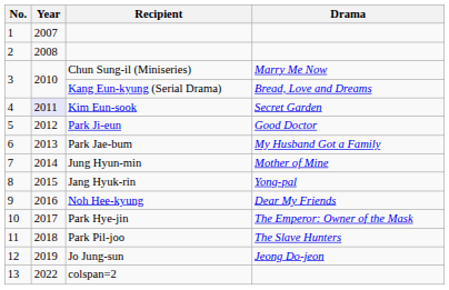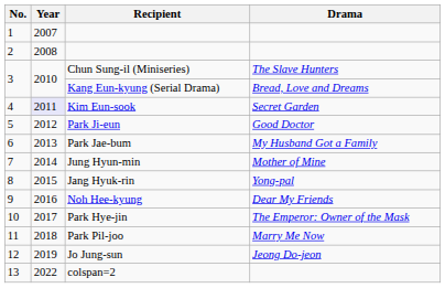 <table class="wikitable" style="width:600px">
 <tr>
 <th>No.</th>
 <th>Year</th>
 <th>Recipient</th>
 <th>Drama</th>
 </tr>
 <tr>
 <td>1</td>
 <td>2007</td>
 <td></td>
 <td></td>
 </tr>
 <tr>
 <td>2</td>
 <td>2008</td>
 <td></td>
 <td></td>
 </tr>
 <tr>
 <td rowspan=2>3</td>
 <td rowspan=2>2010</td>
 <td>Chun Sung-il (Miniseries)</td>
-<td><em><a href='#'>Marry Me Now</a></em></td>
+<td><em><a href='#'>The Slave Hunters</a></em></td>
 </tr>
 <tr>
 <td><a href='#'>Kang Eun-kyung</a> (Serial Drama)</td>
 <td><em><a href='#'>Bread, Love and Dreams</a></em></td>
 </tr>
 <tr>
 <td>4</td>
 <td style="background: lavender;">2011</td>
 <td><a href='#'>Kim Eun-sook</a></td>
 <td><em><a href='#'>Secret Garden</a></em></td>
 </tr>
 <tr>
 <td>5</td>
 <td>2012</td>
 <td><a href='#'>Park Ji-eun</a></td>
 <td><em><a href='#'>Good Doctor</a></em></td>
 </tr>
 <tr>
 <td>6</td>
 <td>2013</td>
 <td>Park Jae-bum</td>
 <td><em><a href='#'>My Husband Got a Family</a></em></td>
 </tr>
 <tr>
 <td>7</td>
 <td>2014</td>
 <td>Jung Hyun-min</td>
 <td><em><a href='#'>Mother of Mine</a></em></td>
 </tr>
 <tr>
 <td>8</td>
 <td>2015</td>
 <td>Jang Hyuk-rin</td>
 <td><em><a href='#'>Yong-pal</a></em></td>
 </tr>
 <tr>
 <td>9</td>
 <td>2016</td>
 <td><a href='#'>Noh Hee-kyung</a></td>
 <td><em><a href='#'>Dear My Friends</a></em></td>
 </tr>
 <tr>
 <td>10</td>
 <td>2017</td>
 <td>Park Hye-jin</td>
 <td><em><a href='#'>The Emperor: Owner of the Mask</a></em></td>
 </tr>
 <tr>
 <td>11</td>
 <td>2018</td>
 <td>Park Pil-joo</td>
-<td><em><a href='#'>The Slave Hunters</a></em></td>
+<td><em><a href='#'>Marry Me Now</a></em></td>
 </tr>
 <tr>
 <td>12</td>
 <td>2019</td>
 <td>Jo Jung-sun</td>
 <td><em><a href='#'>Jeong Do-jeon</a></em></td>
 </tr>
 <tr>
 <td>13</td>
 <td>2022</td>
 <td>colspan=2 </td>
 <td></td>
 </tr>
 </table>
